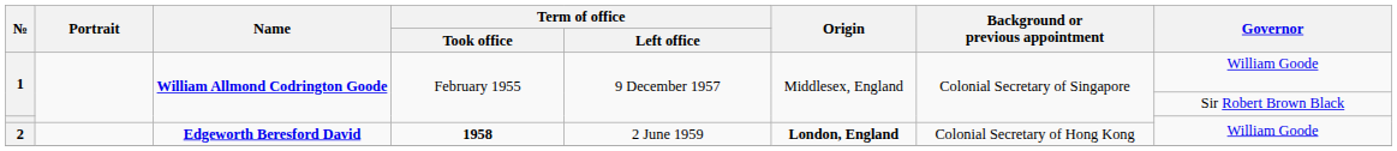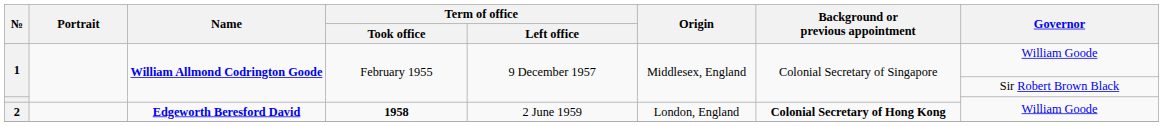 <table class=wikitable style=text-align:center width=1500px>
 <tr>
 <th rowspan=2 width=25px><strong>№</strong></th>
 <th rowspan=2 width=120px>Portrait</th>
 <th rowspan=2 width=250px>Name<br></th>
 <th colspan=2 width=350px>Term of office</th>
 <th rowspan=2>Origin</th>
 <th rowspan=2>Background or<br>previous appointment</th>
 <th rowspan=2 width=250px><a href='#'>Governor</a><br></th>
 </tr>
 <tr>
 <th>Took office</th>
 <th>Left office</th>
 </tr>
 <tr>
 <th rowspan=2>1</th>
 <td rowspan=3></td>
 <td rowspan=3><strong><a href='#'>William Allmond Codrington Goode</a></strong><br></td>
 <td rowspan=3>February 1955</td>
 <td rowspan=3>9 December 1957</td>
 <td rowspan=3>Middlesex, England</td>
 <td rowspan=3>Colonial Secretary of Singapore</td>
 <td><a href='#'>William Goode</a><br><br><em></em></td>
 </tr>
 <tr>
 <td>Sir <a href='#'>Robert Brown Black</a><br></td>
 </tr>
 <tr>
 <th></th>
 <td rowspan=2><a href='#'>William Goode</a><br></td>
 </tr>
 <tr>
 <th>2</th>
 <td></td>
 <td><strong><a href='#'>Edgeworth Beresford David</a></strong><br></td>
 <td><strong>1958</strong></td>
 <td>2 June 1959</td>
-<td><strong>London, England</strong></td>
-<td>Colonial Secretary of Hong Kong</td>
+<td>London, England</td>
+<td><strong>Colonial Secretary of Hong Kong</strong></td>
 </tr>
 <tr>
 </tr>
 </table>
